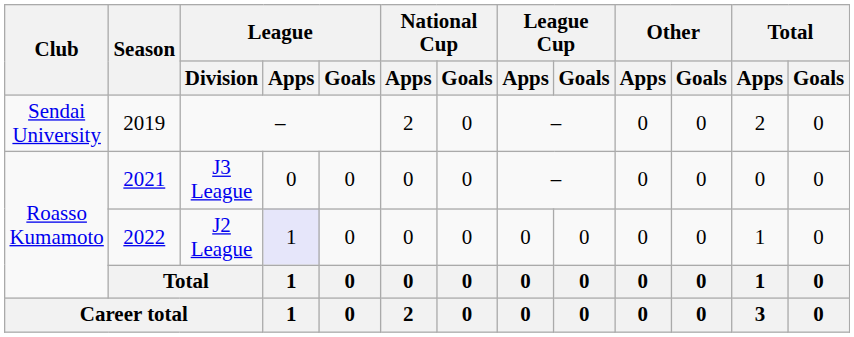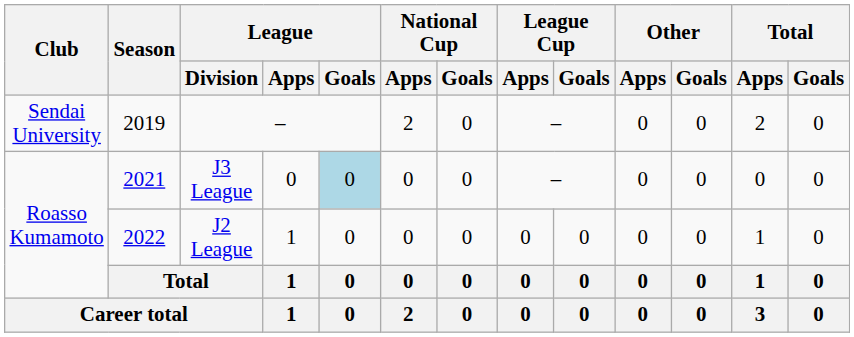 <table class="wikitable" style="text-align: center">
 <tr>
 <th rowspan="2">Club</th>
 <th rowspan="2">Season</th>
 <th colspan="3">League</th>
 <th colspan="2">National Cup</th>
 <th colspan="2">League Cup</th>
 <th colspan="2">Other</th>
 <th colspan="2">Total</th>
 </tr>
 <tr>
 <th>Division</th>
 <th>Apps</th>
 <th>Goals</th>
 <th>Apps</th>
 <th>Goals</th>
 <th>Apps</th>
 <th>Goals</th>
 <th>Apps</th>
 <th>Goals</th>
 <th>Apps</th>
 <th>Goals</th>
 </tr>
 <tr>
 <td><a href='#'>Sendai University</a></td>
 <td>2019</td>
 <td colspan="3">–</td>
 <td>2</td>
 <td>0</td>
 <td colspan="2">–</td>
 <td>0</td>
 <td>0</td>
 <td>2</td>
 <td>0</td>
 </tr>
 <tr>
 <td rowspan="3"><a href='#'>Roasso Kumamoto</a></td>
 <td><a href='#'>2021</a></td>
 <td><a href='#'>J3 League</a></td>
 <td>0</td>
-<td>0</td>
+<td style="background: lightblue;">0</td>
 <td>0</td>
 <td>0</td>
 <td colspan="2">–</td>
 <td>0</td>
 <td>0</td>
 <td>0</td>
 <td>0</td>
 </tr>
 <tr>
 <td><a href='#'>2022</a></td>
 <td><a href='#'>J2 League</a></td>
-<td style="background: lavender;">1</td>
+<td>1</td>
 <td>0</td>
 <td>0</td>
 <td>0</td>
 <td>0</td>
 <td>0</td>
 <td>0</td>
 <td>0</td>
 <td>1</td>
 <td>0</td>
 </tr>
 <tr>
 <th colspan=2>Total</th>
 <th>1</th>
 <th>0</th>
 <th>0</th>
 <th>0</th>
 <th>0</th>
 <th>0</th>
 <th>0</th>
 <th>0</th>
 <th>1</th>
 <th>0</th>
 </tr>
 <tr>
 <th colspan=3>Career total</th>
 <th>1</th>
 <th>0</th>
 <th>2</th>
 <th>0</th>
 <th>0</th>
 <th>0</th>
 <th>0</th>
 <th>0</th>
 <th>3</th>
 <th>0</th>
 </tr>
 </table>
